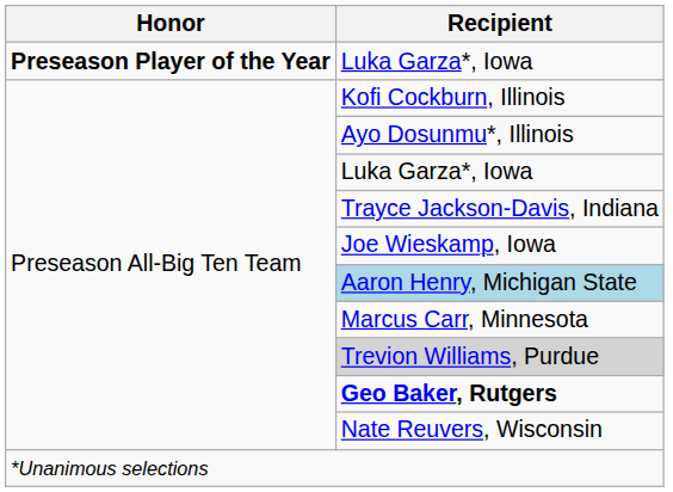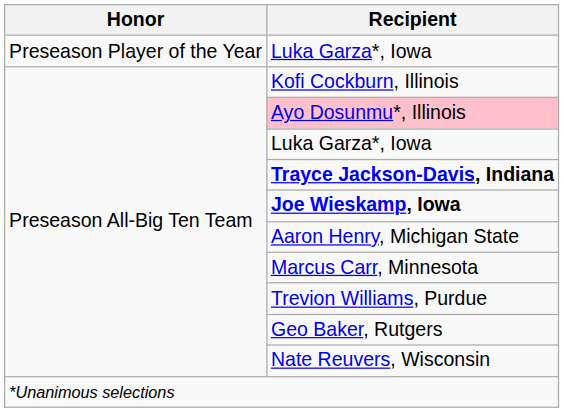 <table class="wikitable" border="1">
 <tr>
 <th>Honor</th>
 <th>Recipient</th>
 </tr>
 <tr>
-<td><strong>Preseason Player of the Year</strong></td>
+<td>Preseason Player of the Year</td>
 <td><a href='#'>Luka Garza</a>*, Iowa</td>
 </tr>
 <tr>
 <td rowspan=10 valign=middle>Preseason All-Big Ten Team</td>
 <td><a href='#'>Kofi Cockburn</a>, Illinois</td>
 </tr>
 <tr>
-<td><a href='#'>Ayo Dosunmu</a>*, Illinois</td>
+<td style="background: pink;"><a href='#'>Ayo Dosunmu</a>*, Illinois</td>
 </tr>
 <tr>
 <td>Luka Garza*, Iowa</td>
 </tr>
 <tr>
-<td><a href='#'>Trayce Jackson-Davis</a>, Indiana</td>
+<td><strong><a href='#'>Trayce Jackson-Davis</a>, Indiana</strong></td>
 </tr>
 <tr>
-<td><a href='#'>Joe Wieskamp</a>, Iowa</td>
+<td><strong><a href='#'>Joe Wieskamp</a>, Iowa</strong></td>
 </tr>
 <tr>
-<td style="background: lightblue;"><a href='#'>Aaron Henry</a>, Michigan State</td>
+<td><a href='#'>Aaron Henry</a>, Michigan State</td>
 </tr>
 <tr>
 <td><a href='#'>Marcus Carr</a>, Minnesota</td>
 </tr>
 <tr>
-<td style="background: lightgrey;"><a href='#'>Trevion Williams</a>, Purdue</td>
+<td><a href='#'>Trevion Williams</a>, Purdue</td>
 </tr>
 <tr>
-<td><strong><a href='#'>Geo Baker</a>, Rutgers</strong></td>
+<td><a href='#'>Geo Baker</a>, Rutgers</td>
 </tr>
 <tr>
 <td><a href='#'>Nate Reuvers</a>, Wisconsin</td>
 </tr>
 <tr>
 <td colspan="3" valign="middle"><small><em>*Unanimous selections</em></small></td>
 </tr>
 </table>
